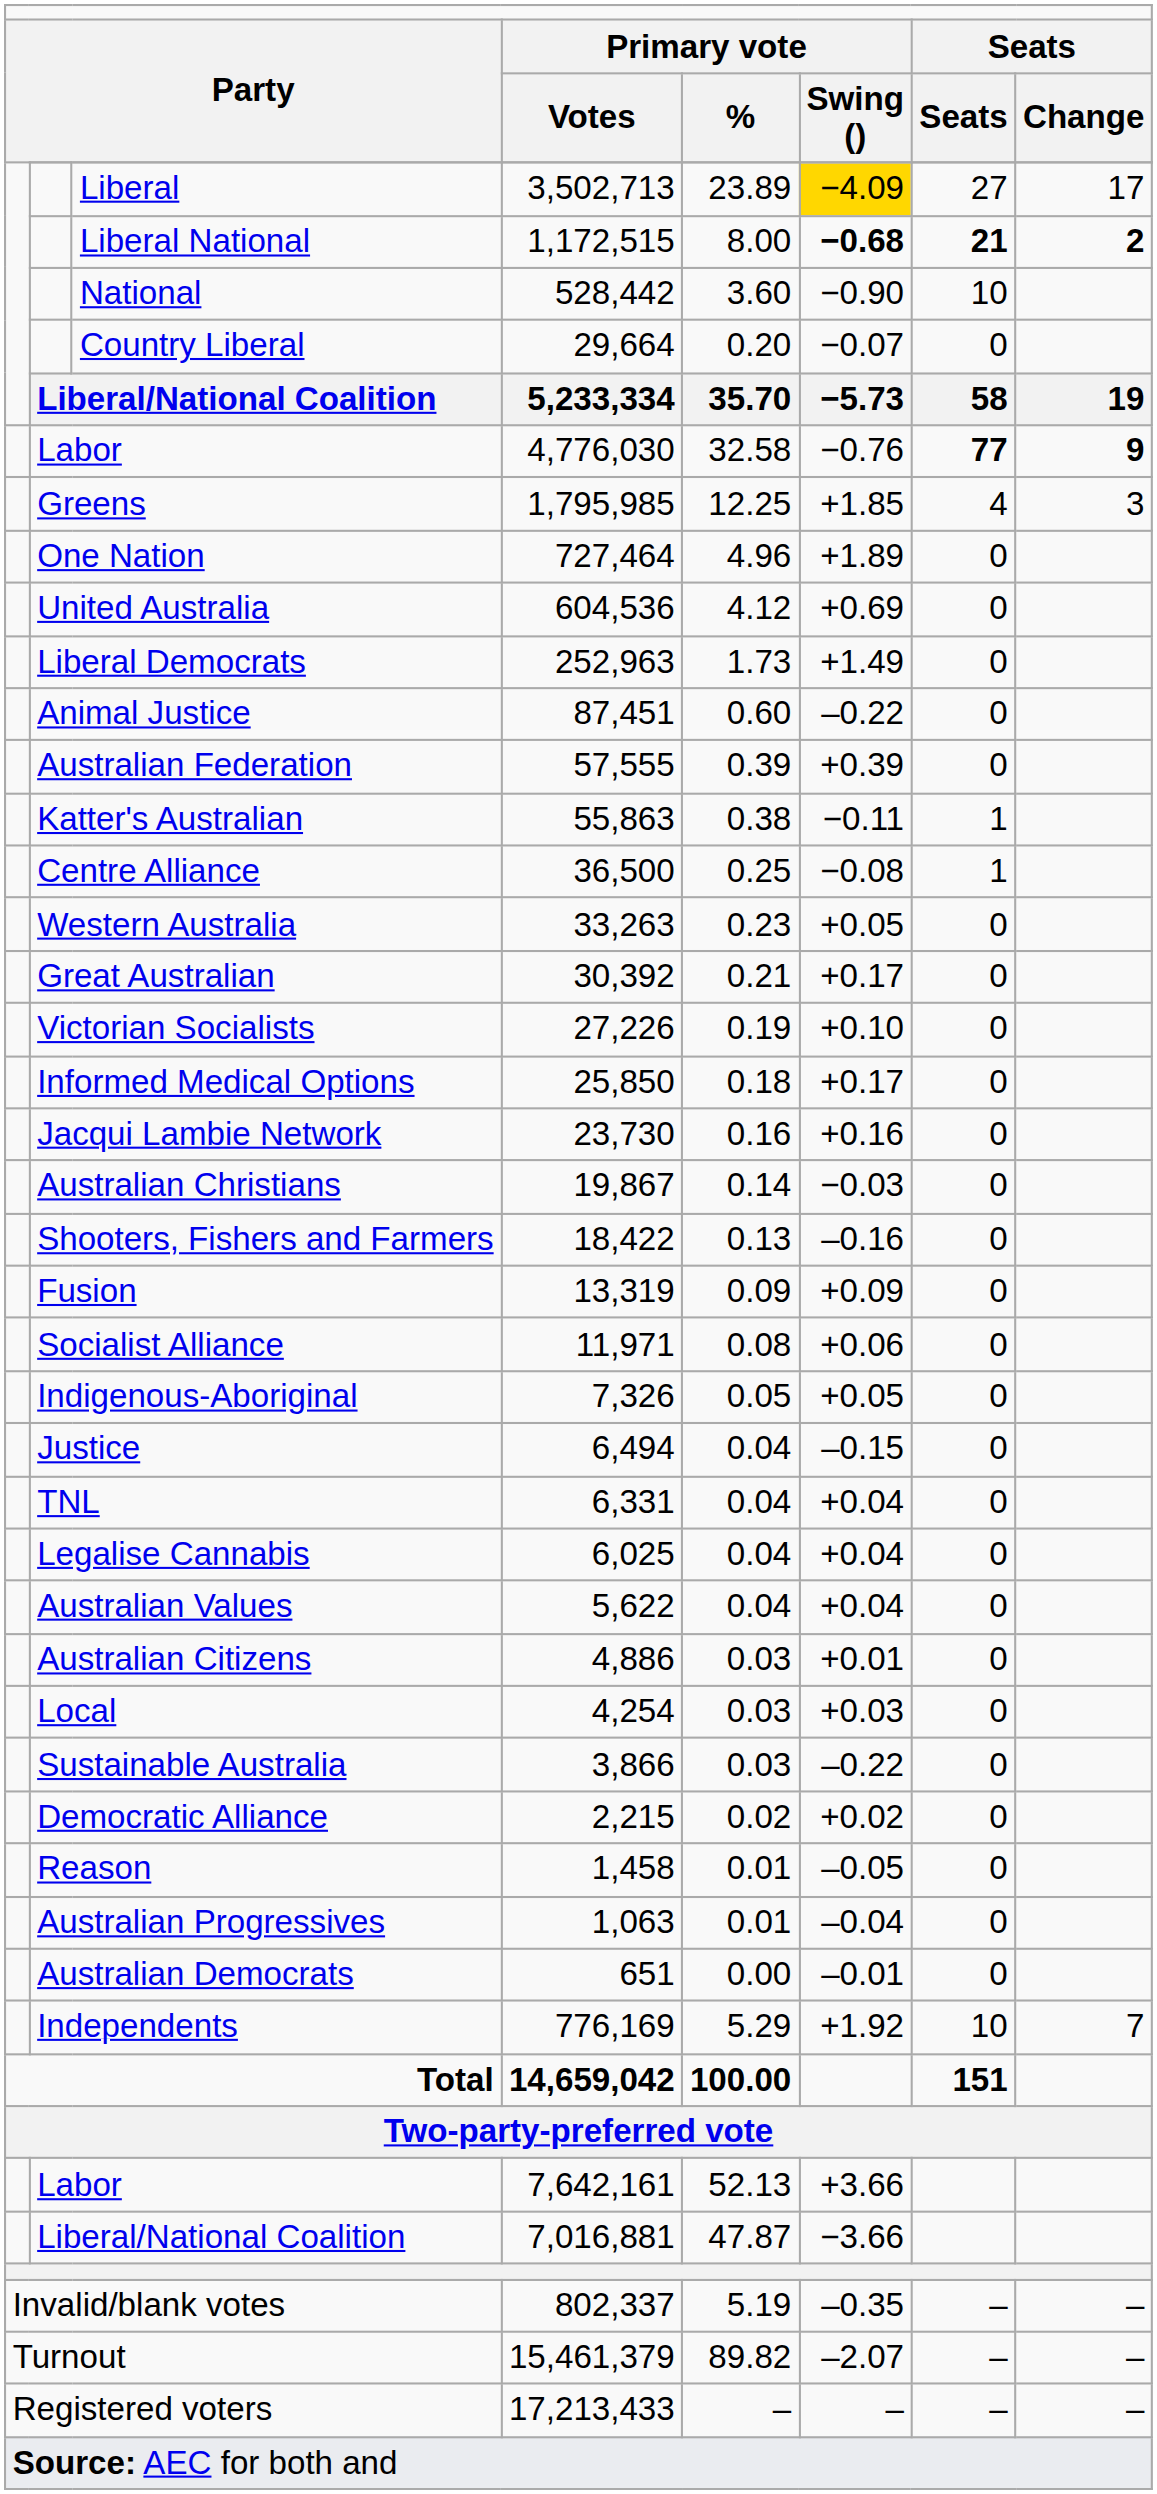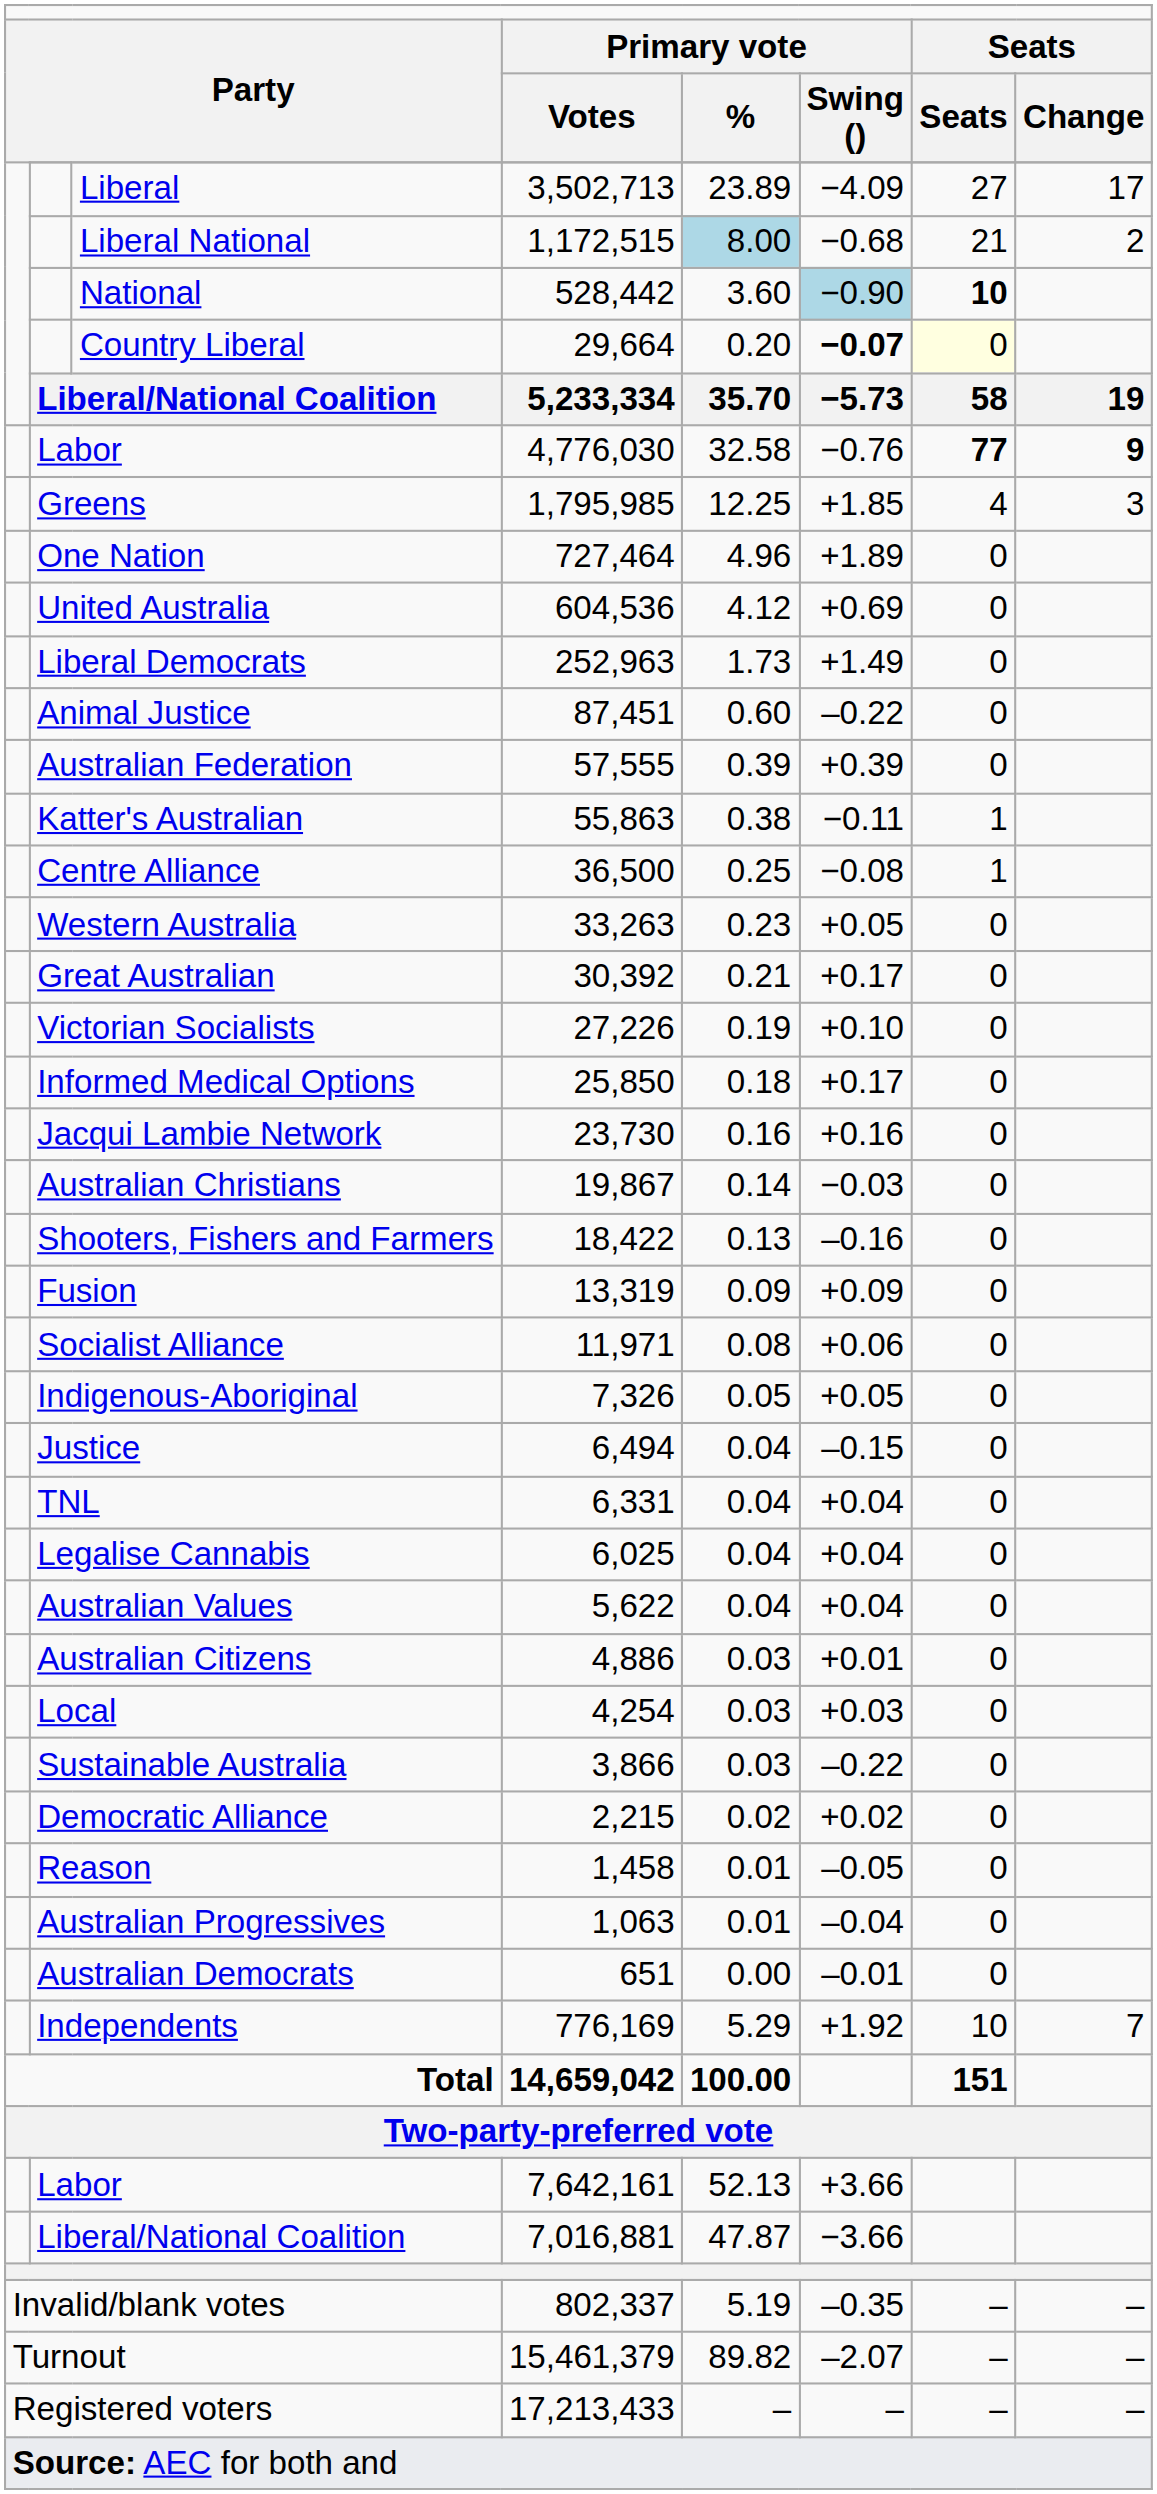 <table class="wikitable sortable mw-datatable" style="text-align:right; margin-bottom:0">
 <tr>
 <td colspan=10 align=center></td>
 </tr>
 <tr>
 <th colspan="3" rowspan="2" style="width:200px">Party</th>
 <th colspan="3">Primary vote</th>
 <th colspan="2">Seats</th>
 </tr>
 <tr>
 <th style="width:70px;">Votes</th>
 <th style="width:40px;">%</th>
 <th style="width:40px;">Swing ()</th>
 <th style="width:40px;">Seats</th>
 <th style="width:40px;">Change</th>
 </tr>
 <tr>
 <td rowspan="6"> </td>
 </tr>
 <tr>
 <td> </td>
 <td align="left"><a href='#'>Liberal</a></td>
 <td>3,502,713</td>
 <td>23.89</td>
-<td style="background: gold;">−4.09</td>
+<td>−4.09</td>
 <td>27</td>
 <td> 17</td>
 </tr>
 <tr>
 <td> </td>
 <td align="left"><a href='#'>Liberal National</a> </td>
 <td>1,172,515</td>
-<td>8.00</td>
-<td><strong>−0.68</strong></td>
-<td><strong>21</strong></td>
-<td><strong> 2</strong></td>
+<td style="background: lightblue;">8.00</td>
+<td>−0.68</td>
+<td>21</td>
+<td> 2</td>
 </tr>
 <tr>
 <td> </td>
 <td align="left"><a href='#'>National</a></td>
 <td>528,442</td>
 <td>3.60</td>
-<td>−0.90</td>
-<td>10</td>
+<td style="background: lightblue;">−0.90</td>
+<td><strong>10</strong></td>
 <td></td>
 </tr>
 <tr>
 <td> </td>
 <td align="left"><a href='#'>Country Liberal</a> </td>
 <td>29,664</td>
 <td>0.20</td>
-<td>−0.07</td>
-<td>0</td>
+<td><strong>−0.07</strong></td>
+<td style="background: lightyellow;">0</td>
 <td></td>
 </tr>
 <tr>
 <th colspan="2" style="text-align:left;"><a href='#'>Liberal/National Coalition</a></th>
 <th style="text-align:right;">5,233,334</th>
 <th style="text-align:right;">35.70</th>
 <th style="text-align:right;">−5.73</th>
 <th style="text-align:right;">58</th>
 <th style="text-align:right;"> 19</th>
 </tr>
 <tr>
 <td> </td>
 <td colspan="2" style="text-align:left;"><a href='#'>Labor</a></td>
 <td style="width:70px;">4,776,030</td>
 <td style="width:40px;">32.58</td>
 <td style="width:45px;">−0.76</td>
 <td style="width:40px;"><strong>77</strong></td>
 <td style="width:55px;"> <strong>9</strong></td>
 </tr>
 <tr>
 <td> </td>
 <td colspan="2" style="text-align:left;"><a href='#'>Greens</a></td>
 <td>1,795,985</td>
 <td>12.25</td>
 <td>+1.85</td>
 <td>4</td>
 <td> 3</td>
 </tr>
 <tr>
 <td> </td>
 <td colspan="2" style="text-align:left;"><a href='#'>One Nation</a></td>
 <td>727,464</td>
 <td>4.96</td>
 <td>+1.89</td>
 <td>0</td>
 <td></td>
 </tr>
 <tr>
 <td> </td>
 <td colspan="2" style="text-align:left;"><a href='#'>United Australia</a></td>
 <td>604,536</td>
 <td>4.12</td>
 <td>+0.69</td>
 <td>0</td>
 <td></td>
 </tr>
 <tr>
 <td> </td>
 <td style="text-align:left;" colspan="2"><a href='#'>Liberal Democrats</a></td>
 <td align=right>252,963</td>
 <td align=right>1.73</td>
 <td align=right>+1.49</td>
 <td align=right>0</td>
 <td align=right></td>
 </tr>
 <tr>
 <td> </td>
 <td style="text-align:left;" colspan="2"><a href='#'>Animal Justice</a></td>
 <td align=right>87,451</td>
 <td align=right>0.60</td>
 <td align=right>–0.22</td>
 <td align=right>0</td>
 <td align=right></td>
 </tr>
 <tr>
 <td> </td>
 <td style="text-align:left;" colspan="2"><a href='#'>Australian Federation</a></td>
 <td align=right>57,555</td>
 <td align=right>0.39</td>
 <td align=right>+0.39</td>
 <td align=right>0</td>
 <td align=right><br></td>
 </tr>
 <tr>
 <td> </td>
 <td colspan="2" style="text-align:left;"><a href='#'>Katter's Australian</a></td>
 <td>55,863</td>
 <td>0.38</td>
 <td>−0.11</td>
 <td>1</td>
 <td><br></td>
 </tr>
 <tr>
 <td> </td>
 <td colspan="2" style="text-align:left;"><a href='#'>Centre Alliance</a></td>
 <td>36,500</td>
 <td>0.25</td>
 <td>−0.08</td>
 <td>1</td>
 <td><br></td>
 </tr>
 <tr>
 <td> </td>
 <td style="text-align:left;" colspan="2"><a href='#'>Western Australia</a></td>
 <td align=right>33,263</td>
 <td align=right>0.23</td>
 <td align=right>+0.05</td>
 <td align=right>0</td>
 <td align=right></td>
 </tr>
 <tr>
 <td> </td>
 <td style="text-align:left;" colspan="2"><a href='#'>Great Australian</a></td>
 <td align=right>30,392</td>
 <td align=right>0.21</td>
 <td align=right>+0.17</td>
 <td align=right>0</td>
 <td align=right></td>
 </tr>
 <tr>
 <td> </td>
 <td style="text-align:left;" colspan="2"><a href='#'>Victorian Socialists</a></td>
 <td align=right>27,226</td>
 <td align=right>0.19</td>
 <td align=right>+0.10</td>
 <td align=right>0</td>
 <td align=right></td>
 </tr>
 <tr>
 <td> </td>
 <td style="text-align:left;" colspan="2"><a href='#'>Informed Medical Options</a></td>
 <td align=right>25,850</td>
 <td align=right>0.18</td>
 <td align=right>+0.17</td>
 <td align=right>0</td>
 <td align=right></td>
 </tr>
 <tr>
 <td> </td>
 <td style="text-align:left;" colspan="2"><a href='#'>Jacqui Lambie Network</a></td>
 <td align=right>23,730</td>
 <td align=right>0.16</td>
 <td align=right>+0.16</td>
 <td align=right>0</td>
 <td align=right></td>
 </tr>
 <tr>
 <td> </td>
 <td style="text-align:left;" colspan="2"><a href='#'>Australian Christians</a></td>
 <td align=right>19,867</td>
 <td align=right>0.14</td>
 <td align=right>−0.03</td>
 <td align=right>0</td>
 <td align=right></td>
 </tr>
 <tr>
 <td> </td>
 <td style="text-align:left;" colspan="2"><a href='#'>Shooters, Fishers and Farmers</a></td>
 <td align=right>18,422</td>
 <td align=right>0.13</td>
 <td align=right>–0.16</td>
 <td align=right>0</td>
 <td align=right></td>
 </tr>
 <tr>
 <td> </td>
 <td style="text-align:left;" colspan="2"><a href='#'>Fusion</a></td>
 <td align=right>13,319</td>
 <td align=right>0.09</td>
 <td align=right>+0.09</td>
 <td align=right>0</td>
 <td align=right></td>
 </tr>
 <tr>
 <td> </td>
 <td style="text-align:left;" colspan="2"><a href='#'>Socialist Alliance</a></td>
 <td align=right>11,971</td>
 <td align=right>0.08</td>
 <td align=right>+0.06</td>
 <td align=right>0</td>
 <td align=right></td>
 </tr>
 <tr>
 <td> </td>
 <td style="text-align:left;" colspan="2"><a href='#'>Indigenous-Aboriginal</a></td>
 <td align=right>7,326</td>
 <td align=right>0.05</td>
 <td align=right>+0.05</td>
 <td align=right>0</td>
 <td align=right></td>
 </tr>
 <tr>
 <td> </td>
 <td style="text-align:left;" colspan="2"><a href='#'>Justice</a></td>
 <td align=right>6,494</td>
 <td align=right>0.04</td>
 <td align=right>–0.15</td>
 <td align=right>0</td>
 <td align=right></td>
 </tr>
 <tr>
 <td> </td>
 <td style="text-align:left;" colspan="2"><a href='#'>TNL</a></td>
 <td align=right>6,331</td>
 <td align=right>0.04</td>
 <td align=right>+0.04</td>
 <td align=right>0</td>
 <td align=right></td>
 </tr>
 <tr>
 <td> </td>
 <td style="text-align:left;" colspan="2"><a href='#'>Legalise Cannabis</a></td>
 <td align=right>6,025</td>
 <td align=right>0.04</td>
 <td align=right>+0.04</td>
 <td align=right>0</td>
 <td align=right></td>
 </tr>
 <tr>
 <td> </td>
 <td style="text-align:left;" colspan="2"><a href='#'>Australian Values</a></td>
 <td align=right>5,622</td>
 <td align=right>0.04</td>
 <td align=right>+0.04</td>
 <td align=right>0</td>
 <td align=right></td>
 </tr>
 <tr>
 <td> </td>
 <td style="text-align:left;" colspan="2"><a href='#'>Australian Citizens</a></td>
 <td align=right>4,886</td>
 <td align=right>0.03</td>
 <td align=right>+0.01</td>
 <td align=right>0</td>
 <td align=right></td>
 </tr>
 <tr>
 <td> </td>
 <td style="text-align:left;" colspan="2"><a href='#'>Local</a></td>
 <td align=right>4,254</td>
 <td align=right>0.03</td>
 <td align=right>+0.03</td>
 <td align=right>0</td>
 <td align=right></td>
 </tr>
 <tr>
 <td> </td>
 <td style="text-align:left;" colspan="2"><a href='#'>Sustainable Australia</a></td>
 <td align=right>3,866</td>
 <td align=right>0.03</td>
 <td align=right>–0.22</td>
 <td align=right>0</td>
 <td align=right></td>
 </tr>
 <tr>
 <td> </td>
 <td style="text-align:left;" colspan="2"><a href='#'>Democratic Alliance</a></td>
 <td align=right>2,215</td>
 <td align=right>0.02</td>
 <td align=right>+0.02</td>
 <td align=right>0</td>
 <td align=right></td>
 </tr>
 <tr>
 <td> </td>
 <td style="text-align:left;" colspan="2"><a href='#'>Reason</a></td>
 <td align=right>1,458</td>
 <td align=right>0.01</td>
 <td align=right>–0.05</td>
 <td align=right>0</td>
 <td align=right></td>
 </tr>
 <tr>
 <td> </td>
 <td style="text-align:left;" colspan="2"><a href='#'>Australian Progressives</a></td>
 <td align=right>1,063</td>
 <td align=right>0.01</td>
 <td align=right>–0.04</td>
 <td align=right>0</td>
 <td align=right></td>
 </tr>
 <tr>
 <td> </td>
 <td style="text-align:left;" colspan="2"><a href='#'>Australian Democrats</a></td>
 <td align=right>651</td>
 <td align=right>0.00</td>
 <td align=right>–0.01</td>
 <td align=right>0</td>
 <td align=right><br></td>
 </tr>
 <tr>
 <td> </td>
 <td colspan="2" style="text-align:left;"><a href='#'>Independents</a></td>
 <td>776,169</td>
 <td>5.29</td>
 <td>+1.92</td>
 <td>10</td>
 <td> 7<br></td>
 </tr>
 <tr>
 <td colspan="3" align="right"><strong>Total</strong></td>
 <td><strong>14,659,042</strong></td>
 <td><strong>100.00</strong></td>
 <td></td>
 <td><strong>151</strong></td>
 <td></td>
 </tr>
 <tr>
 <th colspan="8"><a href='#'>Two-party-preferred vote</a></th>
 </tr>
 <tr>
 <td></td>
 <td colspan="2" style="text-align:left;"><a href='#'>Labor</a></td>
 <td>7,642,161</td>
 <td>52.13</td>
 <td>+3.66</td>
 <td></td>
 <td></td>
 </tr>
 <tr>
 <td></td>
 <td colspan="2" style="text-align:left;"><a href='#'>Liberal/National Coalition</a></td>
 <td>7,016,881</td>
 <td>47.87</td>
 <td>−3.66</td>
 <td></td>
 <td></td>
 </tr>
 <tr>
 <th colspan="8"></th>
 </tr>
 <tr>
 <td colspan="3" style="text-align:left;">Invalid/blank votes</td>
 <td>802,337</td>
 <td>5.19</td>
 <td>–0.35</td>
 <td>–</td>
 <td>–</td>
 </tr>
 <tr>
 <td colspan="3" style="text-align:left;">Turnout</td>
 <td>15,461,379</td>
 <td>89.82</td>
 <td>–2.07</td>
 <td>–</td>
 <td>–</td>
 </tr>
 <tr>
 <td colspan="3" style="text-align:left;">Registered voters</td>
 <td>17,213,433</td>
 <td>–</td>
 <td>–</td>
 <td>–</td>
 <td>–</td>
 </tr>
 <tr>
 <td colspan="8" style="text-align:left; background-color:#eaecf0"><strong>Source:</strong> <a href='#'>AEC</a> for both  and </td>
 </tr>
 </table>
